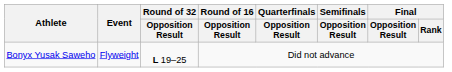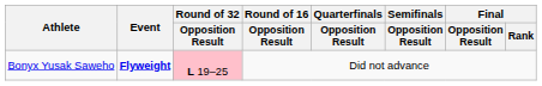 <table class="wikitable" style="font-size:90%">
 <tr>
 <th rowspan="2">Athlete</th>
 <th rowspan="2">Event</th>
 <th>Round of 32</th>
 <th>Round of 16</th>
 <th>Quarterfinals</th>
 <th>Semifinals</th>
 <th colspan=2>Final</th>
 </tr>
 <tr style="font-size:95%">
 <th>Opposition<br>Result</th>
 <th>Opposition<br>Result</th>
 <th>Opposition<br>Result</th>
 <th>Opposition<br>Result</th>
 <th>Opposition<br>Result</th>
 <th>Rank</th>
 </tr>
 <tr align=center>
 <td align=left><a href='#'>Bonyx Yusak Saweho</a></td>
-<td align=left><a href='#'>Flyweight</a></td>
-<td><br><strong>L</strong> 19–25</td>
+<td align=left><strong><a href='#'>Flyweight</a></strong></td>
+<td style="background: pink;"><br><strong>L</strong> 19–25</td>
 <td colspan=5>Did not advance</td>
 </tr>
 </table>
